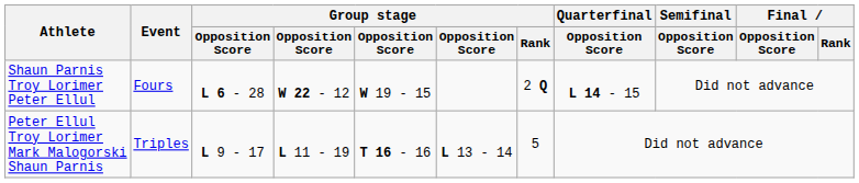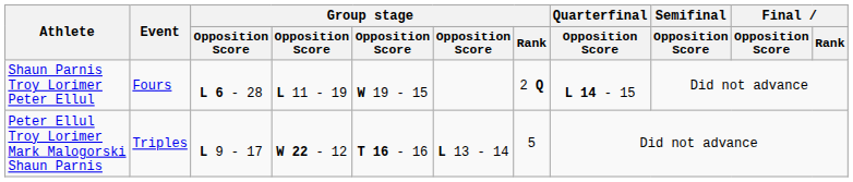 <table class="wikitable" style="font-size:88%; text-align:center">
 <tr>
 <th rowspan=2>Athlete</th>
 <th rowspan=2>Event</th>
 <th colspan=5>Group stage</th>
 <th>Quarterfinal</th>
 <th>Semifinal</th>
 <th colspan=2>Final / </th>
 </tr>
 <tr style="font-size:95%">
 <th>Opposition<br>Score</th>
 <th>Opposition<br>Score</th>
 <th>Opposition<br>Score</th>
 <th>Opposition<br>Score</th>
 <th>Rank</th>
 <th>Opposition<br>Score</th>
 <th>Opposition<br>Score</th>
 <th>Opposition<br>Score</th>
 <th>Rank</th>
 </tr>
 <tr>
 <td align=left><a href='#'>Shaun Parnis</a><br><a href='#'>Troy Lorimer</a><br><a href='#'>Peter Ellul</a></td>
 <td align=left><a href='#'>Fours</a></td>
 <td><br><strong>L</strong> <strong>6</strong> - 28</td>
-<td><br><strong>W</strong> <strong>22</strong> - 12</td>
+<td><br><strong>L</strong> 11 - 19</td>
 <td><br><strong>W</strong> 19 - 15</td>
 <td></td>
 <td>2 <strong>Q</strong></td>
 <td><br><strong>L</strong> <strong>14</strong> - 15</td>
 <td colspan=3>Did not advance</td>
 </tr>
 <tr>
 <td align=left><a href='#'>Peter Ellul</a><br><a href='#'>Troy Lorimer</a><br><a href='#'>Mark Malogorski</a><br><a href='#'>Shaun Parnis</a></td>
 <td align=left><a href='#'>Triples</a></td>
 <td><br><strong>L</strong> 9 - 17</td>
-<td><br><strong>L</strong> 11 - 19</td>
+<td><br><strong>W</strong> <strong>22</strong> - 12</td>
 <td><br><strong>T</strong> <strong>16</strong> - 16</td>
 <td><br><strong>L</strong> 13 - 14</td>
 <td>5</td>
 <td colspan=4>Did not advance</td>
 </tr>
 </table>
